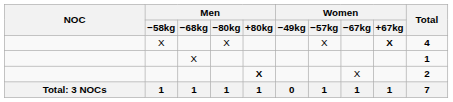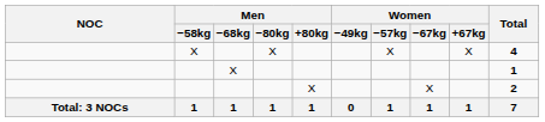 <table class="wikitable" style="text-align:center; font-size:90%">
 <tr>
 <th rowspan="2" width=200 align="left">NOC</th>
 <th colspan="4">Men</th>
 <th colspan="4">Women</th>
 <th width=55 rowspan="2">Total</th>
 </tr>
 <tr>
 <th width=40>−58kg</th>
 <th width=40>−68kg</th>
 <th width=40>−80kg</th>
 <th width=40>+80kg</th>
 <th width=40>−49kg</th>
 <th width=40>−57kg</th>
 <th width=40>−67kg</th>
 <th width=40>+67kg</th>
 </tr>
 <tr>
 <td align="left"></td>
 <td>X</td>
 <td></td>
 <td>X</td>
 <td></td>
 <td></td>
 <td>X</td>
 <td></td>
-<td><strong>X</strong></td>
+<td>X</td>
 <td><strong>4</strong></td>
 </tr>
 <tr>
 <td align="left"></td>
 <td></td>
 <td>X</td>
 <td></td>
 <td></td>
 <td></td>
 <td></td>
 <td></td>
 <td></td>
 <td><strong>1</strong></td>
 </tr>
 <tr>
 <td align="left"></td>
 <td></td>
 <td></td>
 <td></td>
-<td><strong>X</strong></td>
+<td>X</td>
 <td></td>
 <td></td>
 <td>X</td>
 <td></td>
 <td><strong>2</strong></td>
 </tr>
 <tr>
 <th>Total: 3 NOCs</th>
 <th>1</th>
 <th>1</th>
 <th>1</th>
 <th>1</th>
 <th>0</th>
 <th>1</th>
 <th>1</th>
 <th>1</th>
 <th>7</th>
 </tr>
 </table>
